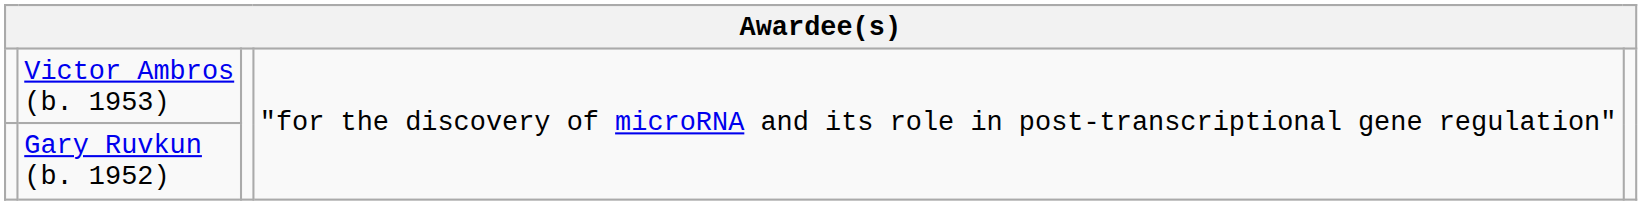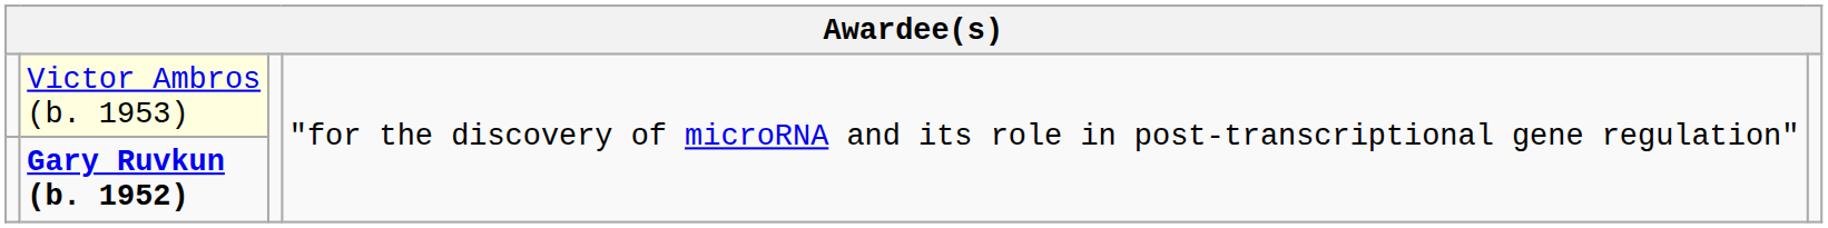 <table class="wikitable">
 <tr>
 <th colspan="5">Awardee(s)</th>
 </tr>
 <tr>
 <td></td>
-<td><a href='#'>Victor Ambros</a><br>(b. 1953)</td>
+<td style="background: lightyellow;"><a href='#'>Victor Ambros</a><br>(b. 1953)</td>
 <td rowspan="2"></td>
 <td rowspan="2">"for the discovery of <a href='#'>microRNA</a> and its role in post-transcriptional gene regulation"</td>
 <td rowspan="2"></td>
 </tr>
 <tr>
 <td></td>
-<td><a href='#'>Gary Ruvkun</a><br>(b. 1952)</td>
+<td><strong><a href='#'>Gary Ruvkun</a><br>(b. 1952)</strong></td>
 </tr>
 </table>
